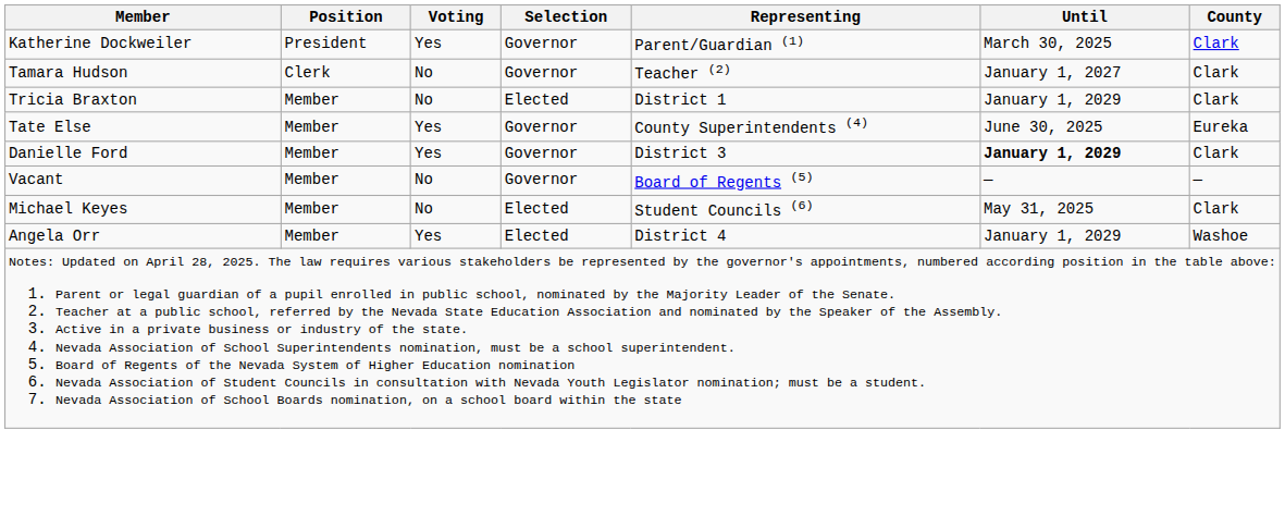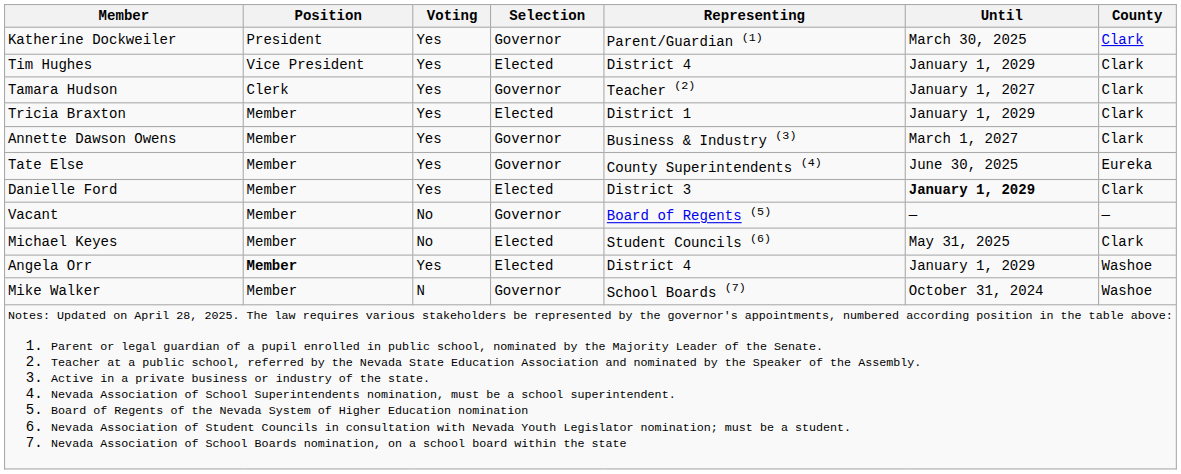 <table class="wikitable sortable">
 <tr>
 <th>Member</th>
 <th>Position</th>
 <th>Voting</th>
 <th>Selection</th>
 <th>Representing</th>
 <th>Until</th>
 <th>County</th>
 </tr>
 <tr>
 <td>Katherine Dockweiler</td>
 <td>President</td>
 <td>Yes</td>
 <td>Governor</td>
 <td>Parent/Guardian <sup>(1)</sup></td>
 <td>March 30, 2025</td>
 <td><a href='#'>Clark</a></td>
 </tr>
 <tr>
+<td>Tim Hughes</td>
+<td>Vice President</td>
+<td>Yes</td>
+<td>Elected</td>
+<td>District 4</td>
+<td>January 1, 2029</td>
+<td>Clark</td>
+</tr>
+<tr>
 <td>Tamara Hudson</td>
 <td>Clerk</td>
-<td>No</td>
+<td>Yes</td>
 <td>Governor</td>
 <td>Teacher <sup>(2)</sup></td>
 <td>January 1, 2027</td>
 <td>Clark</td>
 </tr>
 <tr>
 <td>Tricia Braxton</td>
 <td>Member</td>
-<td>No</td>
+<td>Yes</td>
 <td>Elected</td>
 <td>District 1</td>
 <td>January 1, 2029</td>
+<td>Clark</td>
+</tr>
+<tr>
+<td>Annette Dawson Owens</td>
+<td>Member</td>
+<td>Yes</td>
+<td>Governor</td>
+<td>Business & Industry <sup>(3)</sup></td>
+<td>March 1, 2027</td>
 <td>Clark</td>
 </tr>
 <tr>
 <td>Tate Else</td>
 <td>Member</td>
 <td>Yes</td>
 <td>Governor</td>
 <td>County Superintendents <sup>(4)</sup></td>
 <td>June 30, 2025</td>
 <td>Eureka</td>
 </tr>
 <tr>
 <td>Danielle Ford</td>
 <td>Member</td>
 <td>Yes</td>
-<td>Governor</td>
+<td>Elected</td>
 <td>District 3</td>
 <td><strong>January 1, 2029</strong></td>
 <td>Clark</td>
 </tr>
 <tr>
 <td>Vacant</td>
 <td>Member</td>
 <td>No</td>
 <td>Governor</td>
 <td><a href='#'>Board of Regents</a> <sup>(5)</sup></td>
 <td>—</td>
 <td>—</td>
 </tr>
 <tr>
 <td>Michael Keyes</td>
 <td>Member</td>
 <td>No</td>
 <td>Elected</td>
 <td>Student Councils <sup>(6)</sup></td>
 <td>May 31, 2025</td>
 <td>Clark</td>
 </tr>
 <tr>
 <td>Angela Orr</td>
-<td>Member</td>
+<td><strong>Member</strong></td>
 <td>Yes</td>
 <td>Elected</td>
 <td>District 4</td>
 <td>January 1, 2029</td>
 <td>Washoe</td>
 </tr>
 <tr>
+<td>Mike Walker</td>
+<td>Member</td>
+<td>N</td>
+<td>Governor</td>
+<td>School Boards <sup>(7)</sup></td>
+<td>October 31, 2024</td>
+<td>Washoe</td>
+</tr>
+<tr>
 <td colspan="7"><small>Notes: Updated on April 28, 2025. The law requires various stakeholders be represented by the governor's appointments, numbered according position in the table above:</small><br><ol><li><small>Parent or legal guardian of a pupil enrolled in public school, nominated by the Majority Leader of the Senate.</small></li><li><small>Teacher at a public school, referred by the Nevada State Education Association and nominated by the Speaker of the Assembly.</small></li><li><small>Active in a private business or industry of the state.</small></li><li><small>Nevada Association of School Superintendents nomination, must be a school superintendent.</small></li><li><small>Board of Regents of the Nevada System of Higher Education nomination</small></li><li><small>Nevada Association of Student Councils in consultation with Nevada Youth Legislator nomination; must be a student.</small></li><li><small>Nevada Association of School Boards nomination, on a school board within the state</small></li></ol></td>
 </tr>
 </table>
